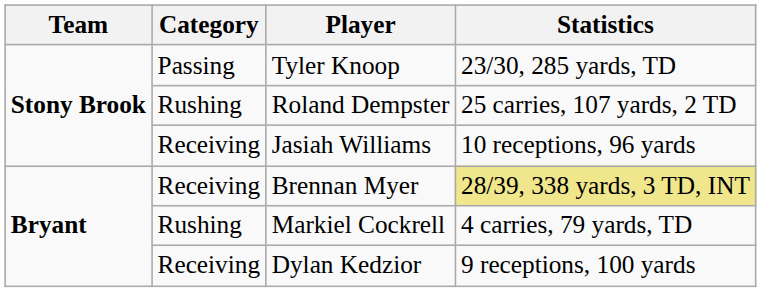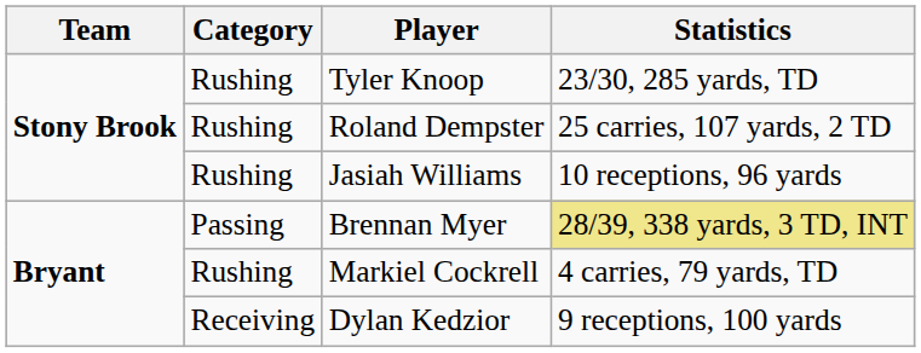 <table class="wikitable" style="float: right;">
 <tr>
 <th>Team</th>
 <th>Category</th>
 <th>Player</th>
 <th>Statistics</th>
 </tr>
 <tr>
 <td rowspan=3><strong>Stony Brook</strong></td>
-<td>Passing</td>
+<td>Rushing</td>
 <td>Tyler Knoop</td>
 <td>23/30, 285 yards, TD</td>
 </tr>
 <tr>
 <td>Rushing</td>
 <td>Roland Dempster</td>
 <td>25 carries, 107 yards, 2 TD</td>
 </tr>
 <tr>
-<td>Receiving</td>
+<td>Rushing</td>
 <td>Jasiah Williams</td>
 <td>10 receptions, 96 yards</td>
 </tr>
 <tr>
 <td rowspan=3><strong>Bryant</strong></td>
-<td>Receiving</td>
+<td>Passing</td>
 <td>Brennan Myer</td>
 <td style="background: khaki;">28/39, 338 yards, 3 TD, INT</td>
 </tr>
 <tr>
 <td>Rushing</td>
 <td>Markiel Cockrell</td>
 <td>4 carries, 79 yards, TD</td>
 </tr>
 <tr>
 <td>Receiving</td>
 <td>Dylan Kedzior</td>
 <td>9 receptions, 100 yards</td>
 </tr>
 </table>
